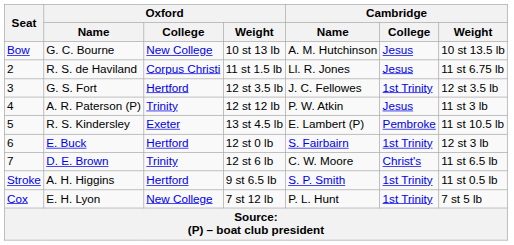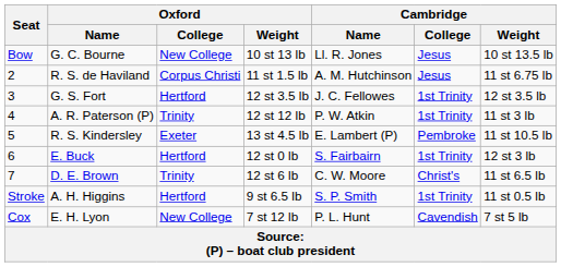 <table class="wikitable">
 <tr>
 <th rowspan="2" scope="col">Seat</th>
 <th colspan="3" scope="col">Oxford <br> </th>
 <th colspan="3" scope="col">Cambridge <br></th>
 </tr>
 <tr>
 <th>Name</th>
 <th>College</th>
 <th>Weight</th>
 <th>Name</th>
 <th>College</th>
 <th>Weight</th>
 </tr>
 <tr>
 <td><a href='#'>Bow</a></td>
 <td>G. C. Bourne</td>
 <td><a href='#'>New College</a></td>
 <td>10 st 13 lb</td>
-<td>A. M. Hutchinson</td>
+<td>Ll. R. Jones</td>
 <td><a href='#'>Jesus</a></td>
 <td>10 st 13.5 lb</td>
 </tr>
 <tr>
 <td>2</td>
 <td>R. S. de Haviland</td>
 <td><a href='#'>Corpus Christi</a></td>
 <td>11 st 1.5 lb</td>
-<td>Ll. R. Jones</td>
+<td>A. M. Hutchinson</td>
 <td><a href='#'>Jesus</a></td>
 <td>11 st 6.75 lb</td>
 </tr>
 <tr>
 <td>3</td>
 <td>G. S. Fort</td>
 <td><a href='#'>Hertford</a></td>
 <td>12 st 3.5 lb</td>
 <td>J. C. Fellowes</td>
 <td><a href='#'>1st Trinity</a></td>
 <td>12 st 3.5 lb</td>
 </tr>
 <tr>
 <td>4</td>
 <td>A. R. Paterson (P)</td>
 <td><a href='#'>Trinity</a></td>
 <td>12 st 12 lb</td>
 <td>P. W. Atkin</td>
-<td><a href='#'>Jesus</a></td>
+<td><a href='#'>1st Trinity</a></td>
 <td>11 st 3 lb</td>
 </tr>
 <tr>
 <td>5</td>
 <td>R. S. Kindersley</td>
 <td><a href='#'>Exeter</a></td>
 <td>13 st 4.5 lb</td>
 <td>E. Lambert (P)</td>
 <td><a href='#'>Pembroke</a></td>
 <td>11 st 10.5 lb</td>
 </tr>
 <tr>
 <td>6</td>
 <td><a href='#'>E. Buck</a></td>
 <td><a href='#'>Hertford</a></td>
 <td>12 st 0 lb</td>
 <td><a href='#'>S. Fairbairn</a></td>
 <td><a href='#'>1st Trinity</a></td>
 <td>12 st 3 lb</td>
 </tr>
 <tr>
 <td>7</td>
 <td><a href='#'>D. E. Brown</a></td>
 <td><a href='#'>Trinity</a></td>
 <td>12 st 6 lb</td>
 <td>C. W. Moore</td>
 <td><a href='#'>Christ's</a></td>
 <td>11 st 6.5 lb</td>
 </tr>
 <tr>
 <td><a href='#'>Stroke</a></td>
 <td>A. H. Higgins</td>
 <td><a href='#'>Hertford</a></td>
 <td>9 st 6.5 lb</td>
 <td><a href='#'>S. P. Smith</a></td>
 <td><a href='#'>1st Trinity</a></td>
 <td>11 st 0.5 lb</td>
 </tr>
 <tr>
 <td><a href='#'>Cox</a></td>
 <td>E. H. Lyon</td>
 <td><a href='#'>New College</a></td>
 <td>7 st 12 lb</td>
 <td>P. L. Hunt</td>
-<td><a href='#'>1st Trinity</a></td>
+<td><a href='#'>Cavendish</a></td>
 <td>7 st 5 lb</td>
 </tr>
 <tr>
 <th colspan="7">Source:<br>(P) – boat club president</th>
 </tr>
 </table>
